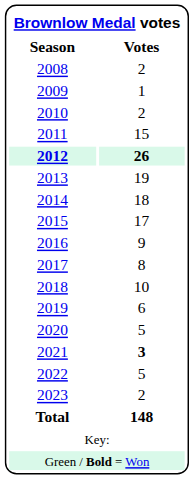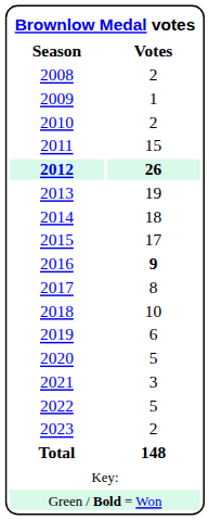 <table style="margin-right:4px; margin-top:8px; float:right; border:1px #000 solid; border-radius:8px; background:#fff; font-family:Verdana; font-size:8pt; text-align:center;">
 <tr style="background:#fff;">
 <td colspan="2;" style="padding:3px; margin-bottom:-3px; margin-top:2px; font-family:Arial; "><strong><a href='#'>Brownlow Medal</a> votes</strong></td>
 </tr>
 <tr>
 <th style="width:50%;">Season</th>
 <th style="width:50%;">Votes</th>
 </tr>
 <tr>
 <td><a href='#'>2008</a></td>
 <td>2</td>
 </tr>
 <tr>
 <td><a href='#'>2009</a></td>
 <td>1</td>
 </tr>
 <tr>
 <td><a href='#'>2010</a></td>
 <td>2</td>
 </tr>
 <tr>
 <td><a href='#'>2011</a></td>
 <td>15</td>
 </tr>
 <tr style="background:#D9F9E9;">
 <td><strong><a href='#'>2012</a></strong></td>
 <td><strong>26</strong></td>
 </tr>
 <tr>
 <td><a href='#'>2013</a></td>
 <td>19</td>
 </tr>
 <tr>
 <td><a href='#'>2014</a></td>
 <td>18</td>
 </tr>
 <tr>
 <td><a href='#'>2015</a></td>
 <td>17</td>
 </tr>
 <tr>
 <td><a href='#'>2016</a></td>
-<td>9</td>
+<td><strong>9</strong></td>
 </tr>
 <tr>
 <td><a href='#'>2017</a></td>
 <td>8</td>
 </tr>
 <tr>
 <td><a href='#'>2018</a></td>
 <td>10</td>
 </tr>
 <tr>
 <td><a href='#'>2019</a></td>
 <td>6</td>
 </tr>
 <tr>
 <td><a href='#'>2020</a></td>
 <td>5</td>
 </tr>
 <tr>
 <td><a href='#'>2021</a></td>
-<td><strong>3</strong></td>
+<td>3</td>
 </tr>
 <tr>
 <td><a href='#'>2022</a></td>
 <td>5</td>
 </tr>
 <tr>
 <td><a href='#'>2023</a></td>
 <td>2</td>
 </tr>
 <tr>
 <td><strong>Total</strong></td>
 <td><strong>148</strong></td>
 </tr>
 <tr>
 <td colspan=2><small>Key:</small></td>
 </tr>
 <tr style="background:#d9f9e9; border:1px solid #aaa; width:2em;">
 <td colspan=2><small>Green / <strong>Bold</strong> = <a href='#'>Won</a></small></td>
 </tr>
 </table>
